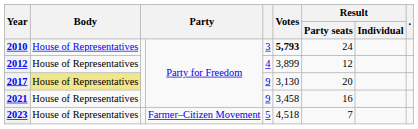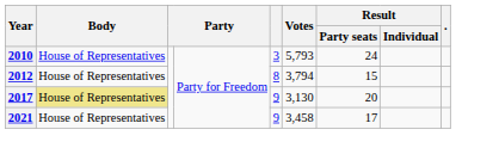 <table class="wikitable plainrowheaders sortable" border=2 cellpadding=4 cellspacing=0 style="border: 1px #aaa solid; font-size: 90%; text-align:center;">
 <tr>
 <th scope="col" rowspan=2>Year</th>
 <th scope="col" rowspan=2>Body</th>
 <th scope="col" colspan=2 rowspan=2>Party</th>
 <th scope="col" rowspan=2></th>
 <th scope="col" rowspan=2>Votes</th>
 <th scope="colgroup" colspan=2>Result</th>
 <th scope="col" rowspan=2 class="unsortable">.</th>
 </tr>
 <tr>
 <th scope="col">Party seats</th>
 <th scope="col">Individual</th>
 </tr>
 <tr>
 <th scope="row"><a href='#'>2010</a></th>
 <td><a href='#'>House of Representatives</a></td>
 <td rowspan="4" style="background-color:"></td>
 <td rowspan="4"><a href='#'>Party for Freedom</a></td>
 <td style=text-align:right><a href='#'>3</a></td>
-<td style=text-align:right><strong>5,793</strong></td>
+<td style=text-align:right>5,793</td>
 <td style=text-align:right>24</td>
 <td></td>
 <td></td>
 </tr>
 <tr>
 <th scope="row"><a href='#'>2012</a></th>
 <td>House of Representatives</td>
-<td style=text-align:right><a href='#'>4</a></td>
-<td style=text-align:right>3,899</td>
-<td style=text-align:right>12</td>
+<td style=text-align:right><a href='#'>8</a></td>
+<td style=text-align:right>3,794</td>
+<td style=text-align:right>15</td>
 <td></td>
 <td></td>
 </tr>
 <tr>
 <th scope="row"><a href='#'>2017</a></th>
 <td style="background: khaki;">House of Representatives</td>
 <td style=text-align:right><a href='#'>9</a></td>
 <td style=text-align:right>3,130</td>
 <td style=text-align:right>20</td>
 <td></td>
 <td></td>
 </tr>
 <tr>
 <th scope="row"><a href='#'>2021</a></th>
 <td>House of Representatives</td>
 <td style=text-align:right><a href='#'>9</a></td>
 <td style=text-align:right>3,458</td>
-<td style=text-align:right>16</td>
-<td></td>
-<td></td>
-</tr>
-<tr>
-<th scope="row"><a href='#'>2023</a></th>
-<td>House of Representatives</td>
-<td style="background-color:"></td>
-<td><a href='#'>Farmer–Citizen Movement</a></td>
-<td style=text-align:right><a href='#'>5</a></td>
-<td style=text-align:right>4,518</td>
-<td style=text-align:right>7</td>
+<td style=text-align:right>17</td>
 <td></td>
 <td></td>
 </tr>
 </table>
